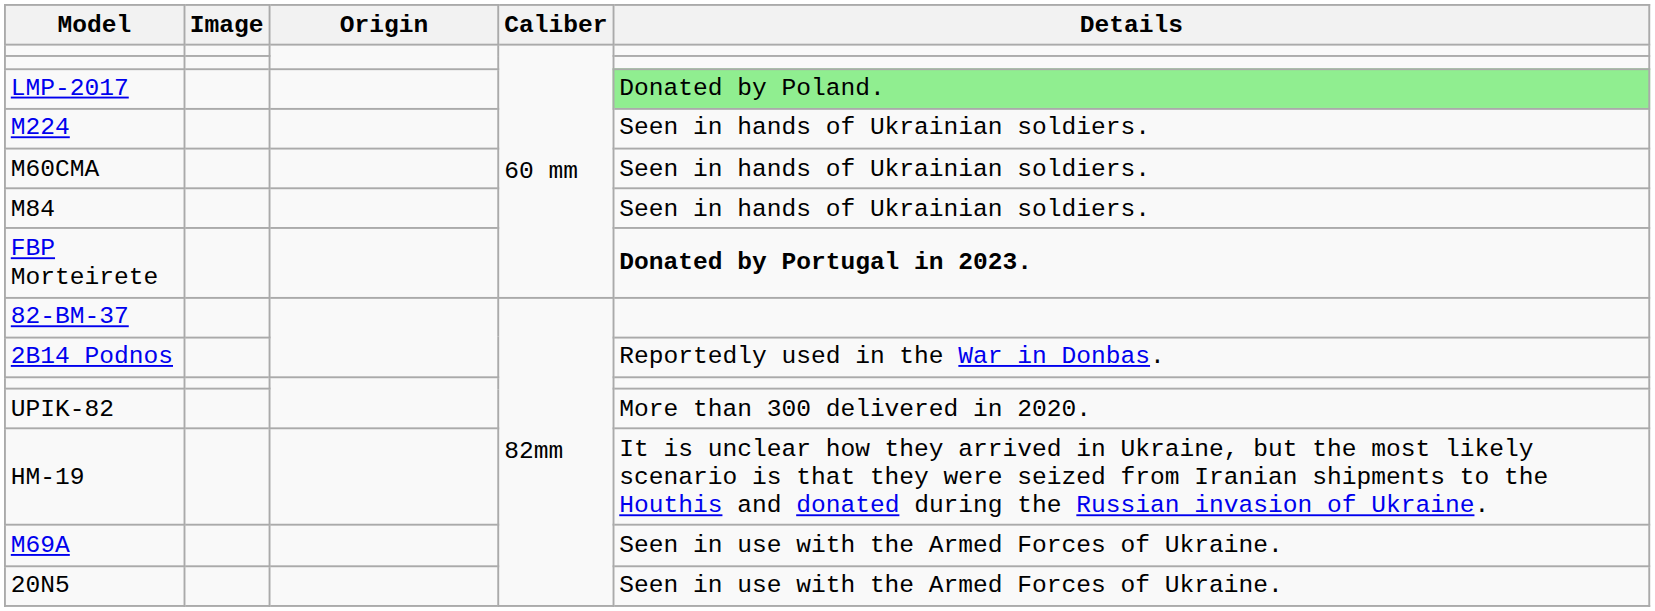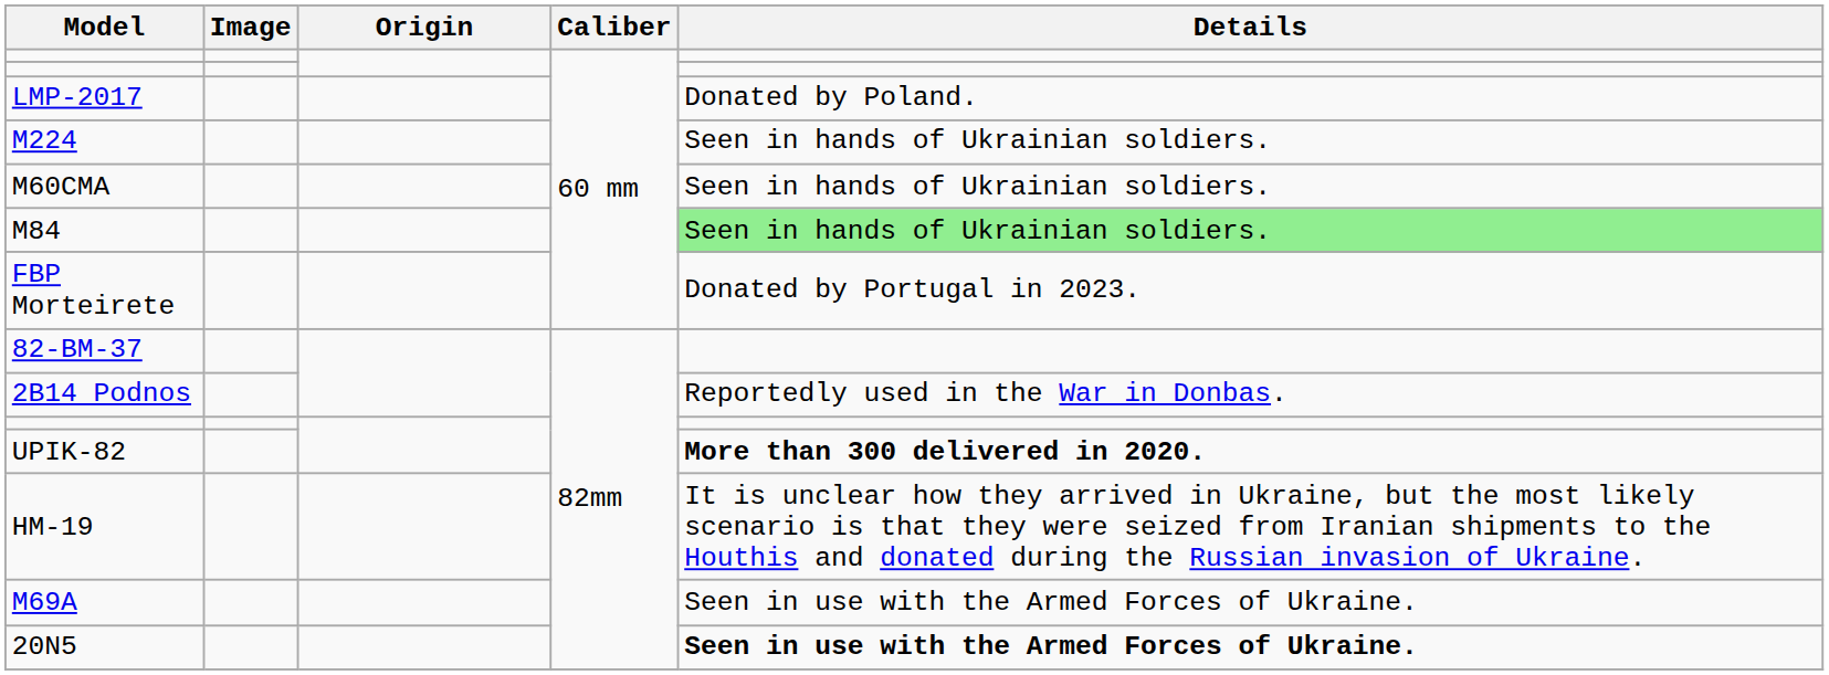 <table class="wikitable sortable">
 <tr>
 <th>Model</th>
 <th>Image</th>
 <th style="width:115px;">Origin</th>
 <th>Caliber</th>
 <th>Details</th>
 </tr>
 <tr>
 <td></td>
 <td></td>
 <td rowspan="2"></td>
 <td rowspan="7">60 mm</td>
 <td></td>
 </tr>
 <tr>
 <td></td>
 <td></td>
 <td></td>
 </tr>
 <tr>
 <td><a href='#'>LMP-2017</a></td>
 <td></td>
 <td></td>
-<td style="background: lightgreen;">Donated by Poland.</td>
+<td>Donated by Poland.</td>
 </tr>
 <tr>
 <td><a href='#'>M224</a></td>
 <td></td>
 <td></td>
 <td>Seen in hands of Ukrainian soldiers.</td>
 </tr>
 <tr>
 <td>M60CMA</td>
 <td></td>
 <td></td>
 <td>Seen in hands of Ukrainian soldiers.</td>
 </tr>
 <tr>
 <td>M84</td>
 <td></td>
 <td></td>
-<td>Seen in hands of Ukrainian soldiers.</td>
+<td style="background: lightgreen;">Seen in hands of Ukrainian soldiers.</td>
 </tr>
 <tr>
 <td><a href='#'>FBP</a> Morteirete</td>
 <td></td>
 <td></td>
-<td><strong>Donated by Portugal in 2023.</strong></td>
+<td>Donated by Portugal in 2023.</td>
 </tr>
 <tr>
 <td><a href='#'>82-BM-37</a></td>
 <td></td>
 <td rowspan="2"></td>
 <td rowspan="7">82mm</td>
 <td></td>
 </tr>
 <tr>
 <td><a href='#'>2B14 Podnos</a></td>
 <td></td>
 <td>Reportedly used in the <a href='#'>War in Donbas</a>.</td>
 </tr>
 <tr>
 <td></td>
 <td></td>
 <td rowspan="2"></td>
 <td></td>
 </tr>
 <tr>
 <td>UPIK-82</td>
 <td></td>
-<td>More than 300 delivered in 2020.</td>
+<td><strong>More than 300 delivered in 2020.</strong></td>
 </tr>
 <tr>
 <td>HM-19</td>
 <td></td>
 <td></td>
 <td>It is unclear how they arrived in Ukraine, but the most likely scenario is that they were seized from Iranian shipments to the <a href='#'>Houthis</a> and <a href='#'>donated</a> during the <a href='#'>Russian invasion of Ukraine</a>.</td>
 </tr>
 <tr>
 <td><a href='#'>M69A</a></td>
 <td></td>
 <td></td>
 <td>Seen in use with the Armed Forces of Ukraine.</td>
 </tr>
 <tr>
 <td>20N5</td>
 <td></td>
 <td></td>
-<td>Seen in use with the Armed Forces of Ukraine.</td>
+<td><strong>Seen in use with the Armed Forces of Ukraine.</strong></td>
 </tr>
 </table>
